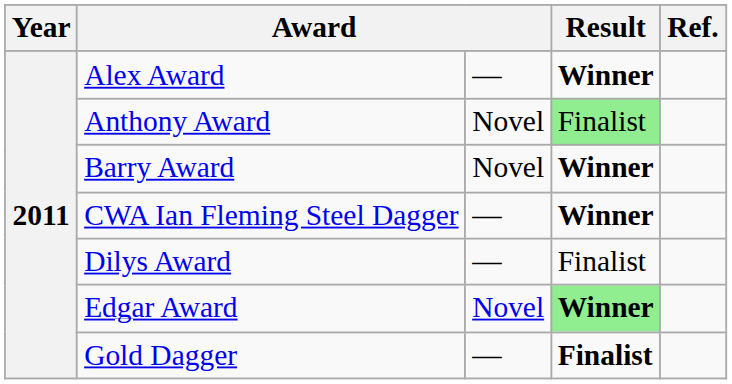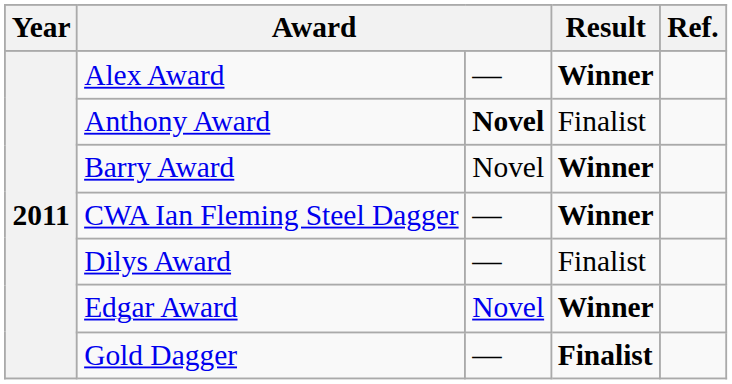 <table class="wikitable sortable mw-collapsible">
 <tr>
 <th>Year</th>
 <th colspan="2">Award</th>
 <th>Result</th>
 <th>Ref.</th>
 </tr>
 <tr>
 <th rowspan="7">2011</th>
 <td><a href='#'>Alex Award</a></td>
 <td>—</td>
 <td><strong>Winner</strong></td>
 <td></td>
 </tr>
 <tr>
 <td><a href='#'>Anthony Award</a></td>
-<td>Novel</td>
-<td style="background: lightgreen;">Finalist</td>
+<td><strong>Novel</strong></td>
+<td>Finalist</td>
 <td></td>
 </tr>
 <tr>
 <td><a href='#'>Barry Award</a></td>
 <td>Novel</td>
 <td><strong>Winner</strong></td>
 <td></td>
 </tr>
 <tr>
 <td><a href='#'>CWA Ian Fleming Steel Dagger</a></td>
 <td>—</td>
 <td><strong>Winner</strong></td>
 <td></td>
 </tr>
 <tr>
 <td><a href='#'>Dilys Award</a></td>
 <td>—</td>
 <td>Finalist</td>
 <td></td>
 </tr>
 <tr>
 <td><a href='#'>Edgar Award</a></td>
 <td><a href='#'>Novel</a></td>
-<td style="background: lightgreen;"><strong>Winner</strong></td>
+<td><strong>Winner</strong></td>
 <td></td>
 </tr>
 <tr>
 <td><a href='#'>Gold Dagger</a></td>
 <td>—</td>
 <td><strong>Finalist</strong></td>
 <td></td>
 </tr>
 </table>
